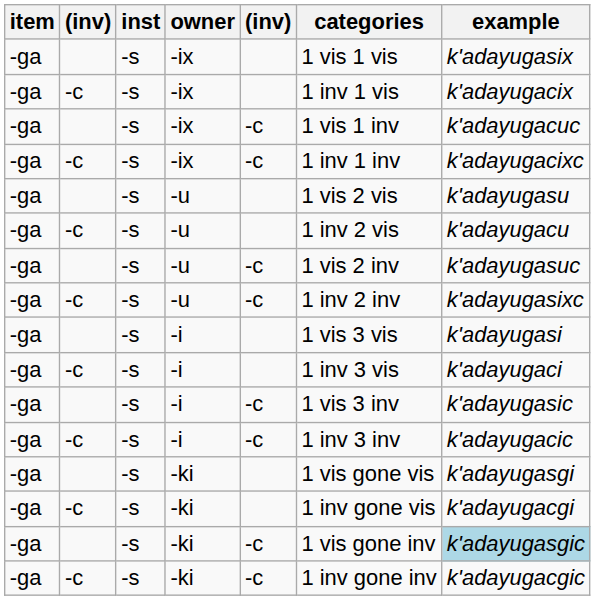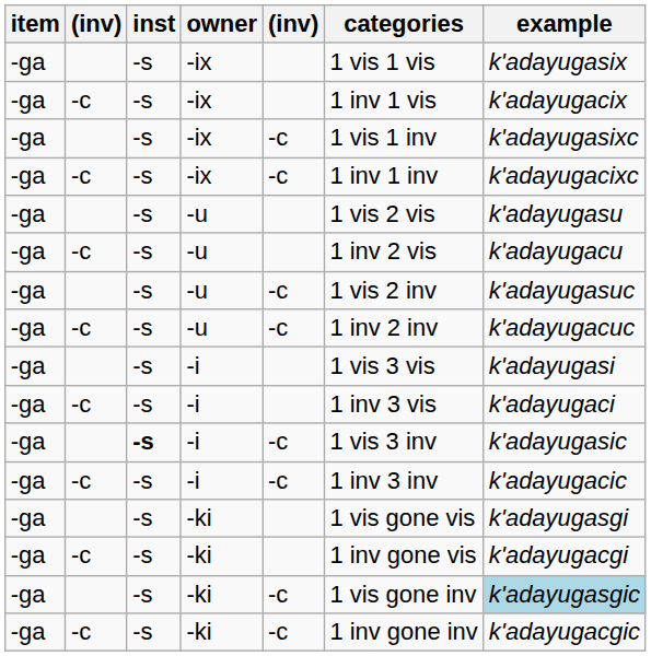 <table class="wikitable sortable">
 <tr>
 <th>item</th>
 <th>(inv)</th>
 <th>inst</th>
 <th>owner</th>
 <th>(inv)</th>
 <th>categories</th>
 <th>example</th>
 </tr>
 <tr>
 <td>-ga</td>
 <td></td>
 <td>-s</td>
 <td>-ix</td>
 <td></td>
 <td>1 vis 1 vis</td>
 <td><em>k'adayugasix</em></td>
 </tr>
 <tr>
 <td>-ga</td>
 <td>-c</td>
 <td>-s</td>
 <td>-ix</td>
 <td></td>
 <td>1 inv 1 vis</td>
 <td><em>k'adayugacix</em></td>
 </tr>
 <tr>
 <td>-ga</td>
 <td></td>
 <td>-s</td>
 <td>-ix</td>
 <td>-c</td>
 <td>1 vis 1 inv</td>
-<td><em>k'adayugacuc</em></td>
+<td><em>k'adayugasixc</em></td>
 </tr>
 <tr>
 <td>-ga</td>
 <td>-c</td>
 <td>-s</td>
 <td>-ix</td>
 <td>-c</td>
 <td>1 inv 1 inv</td>
 <td><em>k'adayugacixc</em></td>
 </tr>
 <tr>
 <td>-ga</td>
 <td></td>
 <td>-s</td>
 <td>-u</td>
 <td></td>
 <td>1 vis 2 vis</td>
 <td><em>k'adayugasu</em></td>
 </tr>
 <tr>
 <td>-ga</td>
 <td>-c</td>
 <td>-s</td>
 <td>-u</td>
 <td></td>
 <td>1 inv 2 vis</td>
 <td><em>k'adayugacu</em></td>
 </tr>
 <tr>
 <td>-ga</td>
 <td></td>
 <td>-s</td>
 <td>-u</td>
 <td>-c</td>
 <td>1 vis 2 inv</td>
 <td><em>k'adayugasuc</em></td>
 </tr>
 <tr>
 <td>-ga</td>
 <td>-c</td>
 <td>-s</td>
 <td>-u</td>
 <td>-c</td>
 <td>1 inv 2 inv</td>
-<td><em>k'adayugasixc</em></td>
+<td><em>k'adayugacuc</em></td>
 </tr>
 <tr>
 <td>-ga</td>
 <td></td>
 <td>-s</td>
 <td>-i</td>
 <td></td>
 <td>1 vis 3 vis</td>
 <td><em>k'adayugasi</em></td>
 </tr>
 <tr>
 <td>-ga</td>
 <td>-c</td>
 <td>-s</td>
 <td>-i</td>
 <td></td>
 <td>1 inv 3 vis</td>
 <td><em>k'adayugaci</em></td>
 </tr>
 <tr>
 <td>-ga</td>
 <td></td>
-<td>-s</td>
+<td><strong>-s</strong></td>
 <td>-i</td>
 <td>-c</td>
 <td>1 vis 3 inv</td>
 <td><em>k'adayugasic</em></td>
 </tr>
 <tr>
 <td>-ga</td>
 <td>-c</td>
 <td>-s</td>
 <td>-i</td>
 <td>-c</td>
 <td>1 inv 3 inv</td>
 <td><em>k'adayugacic</em></td>
 </tr>
 <tr>
 <td>-ga</td>
 <td></td>
 <td>-s</td>
 <td>-ki</td>
 <td></td>
 <td>1 vis gone vis</td>
 <td><em>k'adayugasgi</em></td>
 </tr>
 <tr>
 <td>-ga</td>
 <td>-c</td>
 <td>-s</td>
 <td>-ki</td>
 <td></td>
 <td>1 inv gone vis</td>
 <td><em>k'adayugacgi</em></td>
 </tr>
 <tr>
 <td>-ga</td>
 <td></td>
 <td>-s</td>
 <td>-ki</td>
 <td>-c</td>
 <td>1 vis gone inv</td>
 <td style="background: lightblue;"><em>k'adayugasgic</em></td>
 </tr>
 <tr>
 <td>-ga</td>
 <td>-c</td>
 <td>-s</td>
 <td>-ki</td>
 <td>-c</td>
 <td>1 inv gone inv</td>
 <td><em>k'adayugacgic</em></td>
 </tr>
 </table>
